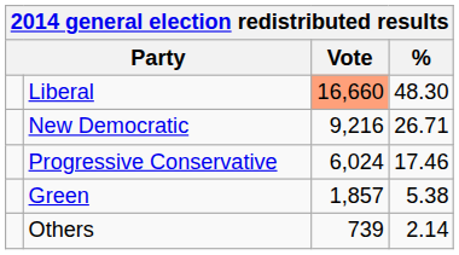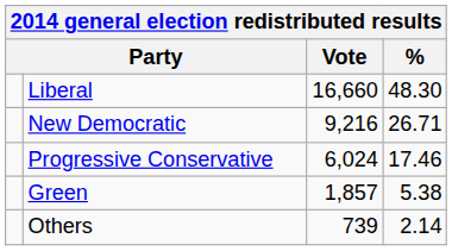 <table class="wikitable">
 <tr>
 <th colspan="4"><a href='#'>2014 general election</a> redistributed results</th>
 </tr>
 <tr>
 <th bgcolor="#DDDDFF" width="130px" colspan="2">Party</th>
 <th bgcolor="#DDDDFF" width="50px">Vote</th>
 <th bgcolor="#DDDDFF" width="30px">%</th>
 </tr>
 <tr>
 <td> </td>
 <td><a href='#'>Liberal</a></td>
-<td align=right style="background: lightsalmon;">16,660</td>
+<td align=right>16,660</td>
 <td align=right>48.30</td>
 </tr>
 <tr>
 <td> </td>
 <td><a href='#'>New Democratic</a></td>
 <td align=right>9,216</td>
 <td align=right>26.71</td>
 </tr>
 <tr>
 <td> </td>
 <td><a href='#'>Progressive Conservative</a></td>
 <td align=right>6,024</td>
 <td align=right>17.46</td>
 </tr>
 <tr>
 <td> </td>
 <td><a href='#'>Green</a></td>
 <td align=right>1,857</td>
 <td align=right>5.38</td>
 </tr>
 <tr>
 <td> </td>
 <td>Others</td>
 <td align=right>739</td>
 <td align=right>2.14</td>
 </tr>
 </table>
